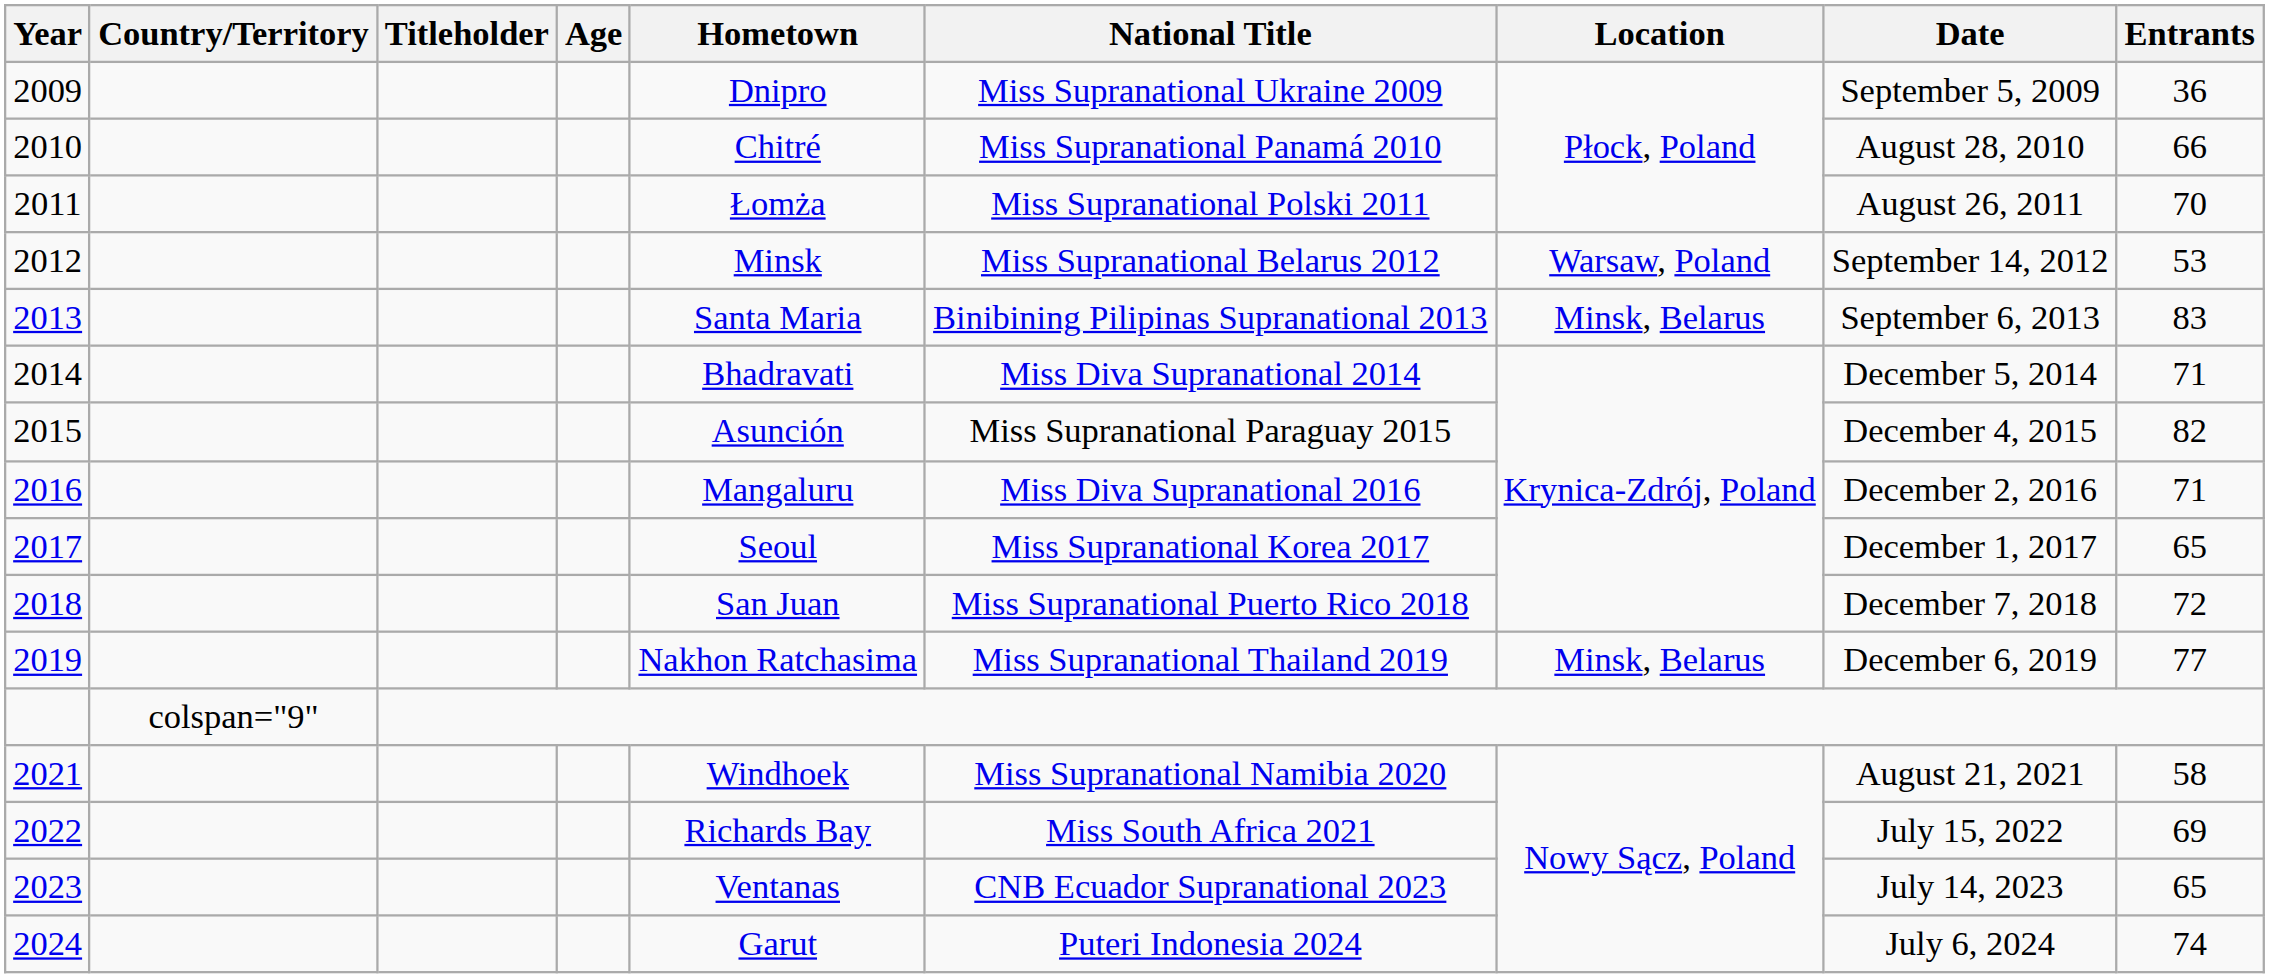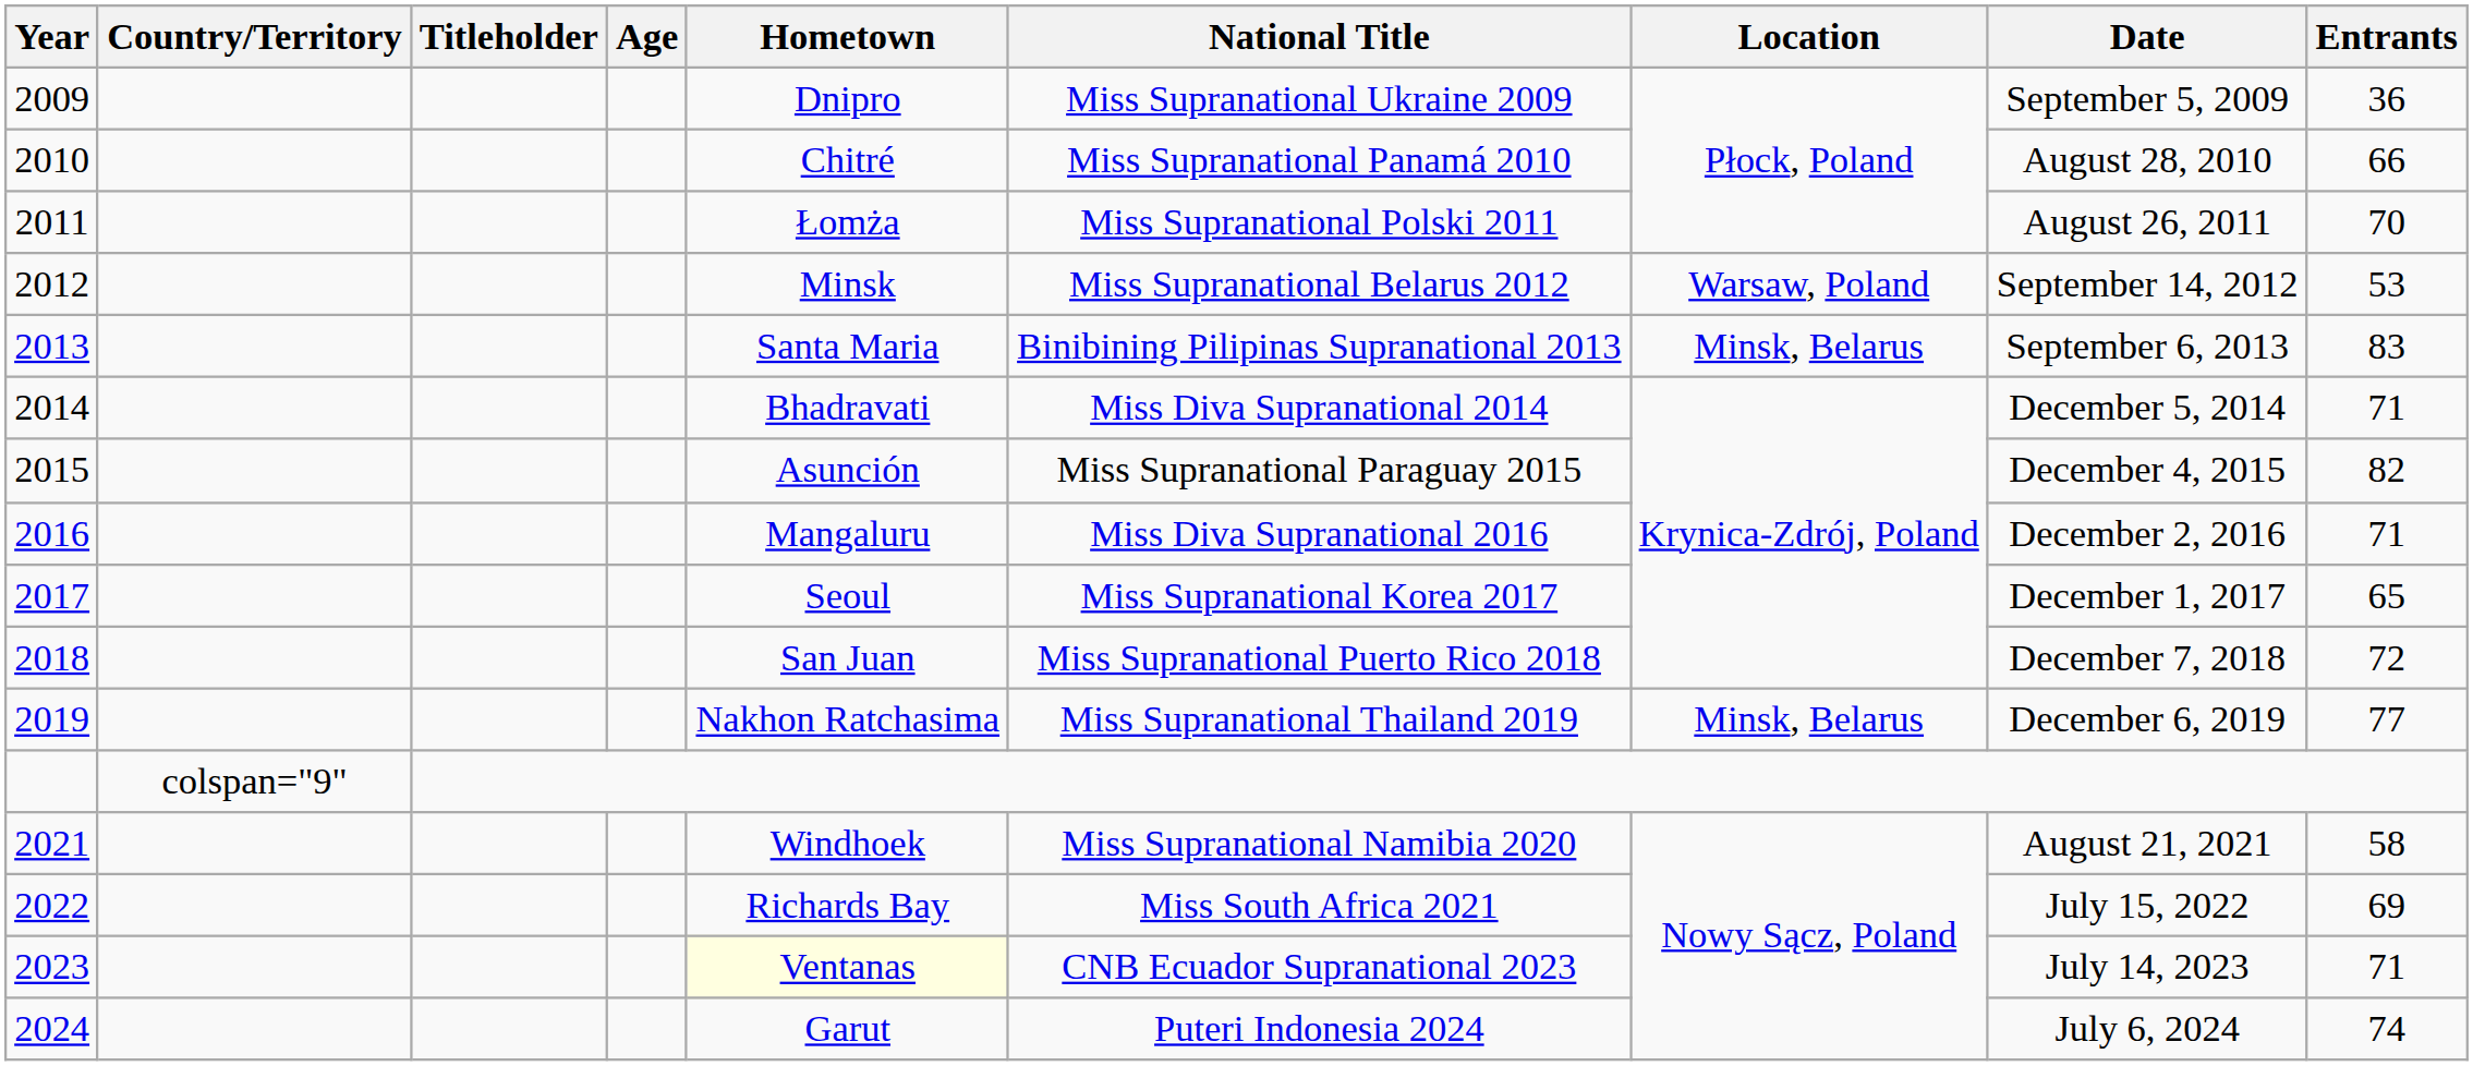 <table class="wikitable sortable" style="font-size:95%; text-align:center;">
 <tr bgcolor="efefef">
 <th>Year</th>
 <th>Country/Territory</th>
 <th>Titleholder</th>
 <th>Age</th>
 <th>Hometown</th>
 <th>National Title</th>
 <th>Location</th>
 <th>Date</th>
 <th>Entrants</th>
 </tr>
 <tr>
 <td>2009</td>
 <td></td>
 <td></td>
 <td></td>
 <td><a href='#'>Dnipro</a></td>
 <td><a href='#'>Miss Supranational Ukraine 2009</a></td>
 <td rowspan=3><a href='#'>Płock</a>, <a href='#'>Poland</a></td>
 <td>September 5, 2009</td>
 <td align=center>36</td>
 </tr>
 <tr>
 <td>2010</td>
 <td></td>
 <td></td>
 <td></td>
 <td><a href='#'>Chitré</a></td>
 <td><a href='#'>Miss Supranational Panamá 2010</a></td>
 <td>August 28, 2010</td>
 <td align=center>66</td>
 </tr>
 <tr>
 <td>2011</td>
 <td></td>
 <td></td>
 <td></td>
 <td><a href='#'>Łomża</a></td>
 <td><a href='#'>Miss Supranational Polski 2011</a></td>
 <td>August 26, 2011</td>
 <td align=center>70</td>
 </tr>
 <tr>
 <td>2012</td>
 <td></td>
 <td></td>
 <td></td>
 <td><a href='#'>Minsk</a></td>
 <td><a href='#'>Miss Supranational Belarus 2012</a></td>
 <td><a href='#'>Warsaw</a>, <a href='#'>Poland</a></td>
 <td>September 14, 2012</td>
 <td align=center>53</td>
 </tr>
 <tr>
 <td><a href='#'>2013</a></td>
 <td></td>
 <td></td>
 <td></td>
 <td><a href='#'>Santa Maria</a></td>
 <td><a href='#'>Binibining Pilipinas Supranational 2013</a></td>
 <td><a href='#'>Minsk</a>, <a href='#'>Belarus</a></td>
 <td>September 6, 2013</td>
 <td align=center>83</td>
 </tr>
 <tr>
 <td>2014</td>
 <td></td>
 <td></td>
 <td></td>
 <td><a href='#'>Bhadravati</a></td>
 <td><a href='#'>Miss Diva Supranational 2014</a></td>
 <td rowspan=5><a href='#'>Krynica-Zdrój</a>, <a href='#'>Poland</a></td>
 <td>December 5, 2014</td>
 <td align=center>71</td>
 </tr>
 <tr>
 <td>2015</td>
 <td></td>
 <td></td>
 <td></td>
 <td><a href='#'>Asunción</a></td>
 <td>Miss Supranational Paraguay 2015</td>
 <td>December 4, 2015</td>
 <td align=center>82</td>
 </tr>
 <tr>
 <td><a href='#'>2016</a></td>
 <td></td>
 <td></td>
 <td></td>
 <td><a href='#'>Mangaluru</a></td>
 <td><a href='#'>Miss Diva Supranational 2016</a></td>
 <td>December 2, 2016</td>
 <td align=center>71</td>
 </tr>
 <tr>
 <td><a href='#'>2017</a></td>
 <td></td>
 <td></td>
 <td></td>
 <td><a href='#'>Seoul</a></td>
 <td><a href='#'>Miss Supranational Korea 2017</a></td>
 <td>December 1, 2017</td>
 <td align=center>65</td>
 </tr>
 <tr>
 <td><a href='#'>2018</a></td>
 <td></td>
 <td></td>
 <td></td>
 <td><a href='#'>San Juan</a></td>
 <td><a href='#'>Miss Supranational Puerto Rico 2018</a></td>
 <td>December 7, 2018</td>
 <td align=center>72</td>
 </tr>
 <tr>
 <td><a href='#'>2019</a></td>
 <td></td>
 <td></td>
 <td></td>
 <td><a href='#'>Nakhon Ratchasima</a></td>
 <td><a href='#'>Miss Supranational Thailand 2019</a></td>
 <td><a href='#'>Minsk</a>, <a href='#'>Belarus</a></td>
 <td>December 6, 2019</td>
 <td align=center>77</td>
 </tr>
 <tr>
 <td></td>
 <td>colspan="9" </td>
 </tr>
 <tr>
 <td><a href='#'>2021</a></td>
 <td></td>
 <td></td>
 <td></td>
 <td><a href='#'>Windhoek</a></td>
 <td><a href='#'>Miss Supranational Namibia 2020</a></td>
 <td rowspan=4><a href='#'>Nowy Sącz</a>, <a href='#'>Poland</a></td>
 <td>August 21, 2021</td>
 <td align=center>58</td>
 </tr>
 <tr>
 <td><a href='#'>2022</a></td>
 <td></td>
 <td></td>
 <td></td>
 <td><a href='#'>Richards Bay</a></td>
 <td><a href='#'>Miss South Africa 2021</a></td>
 <td>July 15, 2022</td>
 <td align=center>69</td>
 </tr>
 <tr>
 <td><a href='#'>2023</a></td>
 <td></td>
 <td></td>
 <td></td>
-<td><a href='#'>Ventanas</a></td>
+<td style="background: lightyellow;"><a href='#'>Ventanas</a></td>
 <td><a href='#'>CNB Ecuador Supranational 2023</a></td>
 <td>July 14, 2023</td>
-<td align=center>65</td>
+<td align=center>71</td>
 </tr>
 <tr>
 <td><a href='#'>2024</a></td>
 <td></td>
 <td></td>
 <td></td>
 <td><a href='#'>Garut</a></td>
 <td><a href='#'>Puteri Indonesia 2024</a></td>
 <td>July 6, 2024</td>
 <td align=center>74</td>
 </tr>
 </table>
